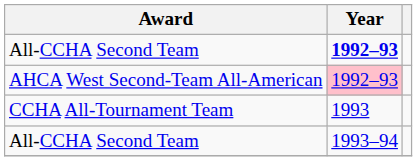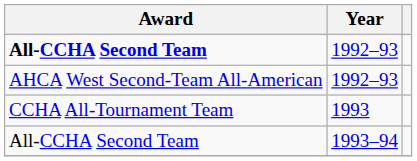 <table class="wikitable">
 <tr>
 <th>Award</th>
 <th>Year</th>
 <th></th>
 </tr>
 <tr>
-<td>All-<a href='#'>CCHA</a> <a href='#'>Second Team</a></td>
-<td><strong><a href='#'>1992–93</a></strong></td>
+<td><strong>All-<a href='#'>CCHA</a> <a href='#'>Second Team</a></strong></td>
+<td><a href='#'>1992–93</a></td>
 <td></td>
 </tr>
 <tr>
 <td><a href='#'>AHCA</a> <a href='#'>West Second-Team All-American</a></td>
-<td style="background: pink;"><a href='#'>1992–93</a></td>
+<td><a href='#'>1992–93</a></td>
 <td></td>
 </tr>
 <tr>
 <td><a href='#'>CCHA</a> <a href='#'>All-Tournament Team</a></td>
 <td><a href='#'>1993</a></td>
 <td></td>
 </tr>
 <tr>
 <td>All-<a href='#'>CCHA</a> <a href='#'>Second Team</a></td>
 <td><a href='#'>1993–94</a></td>
 <td></td>
 </tr>
 <tr>
 </tr>
 </table>
